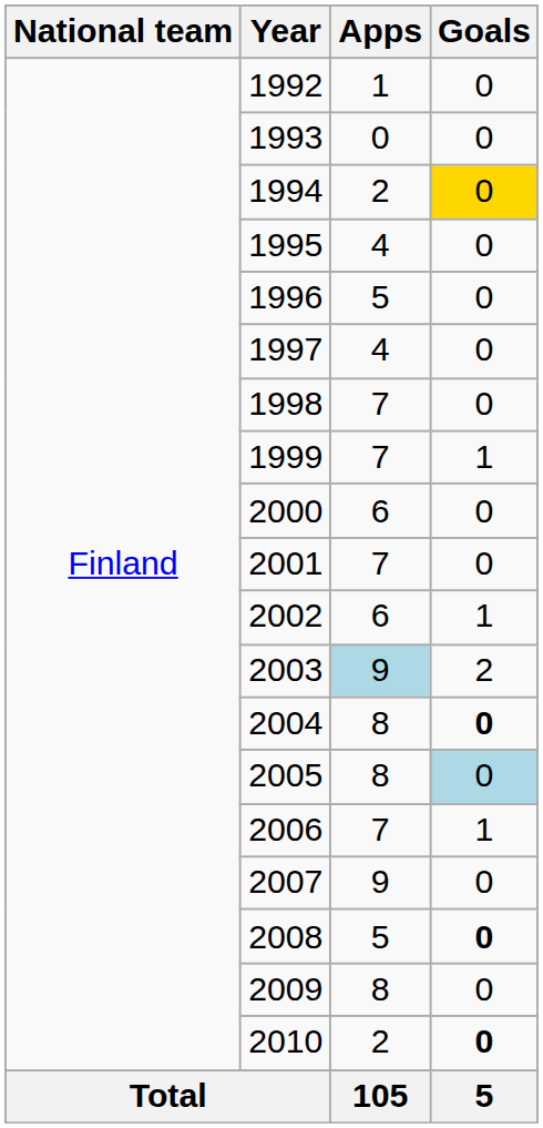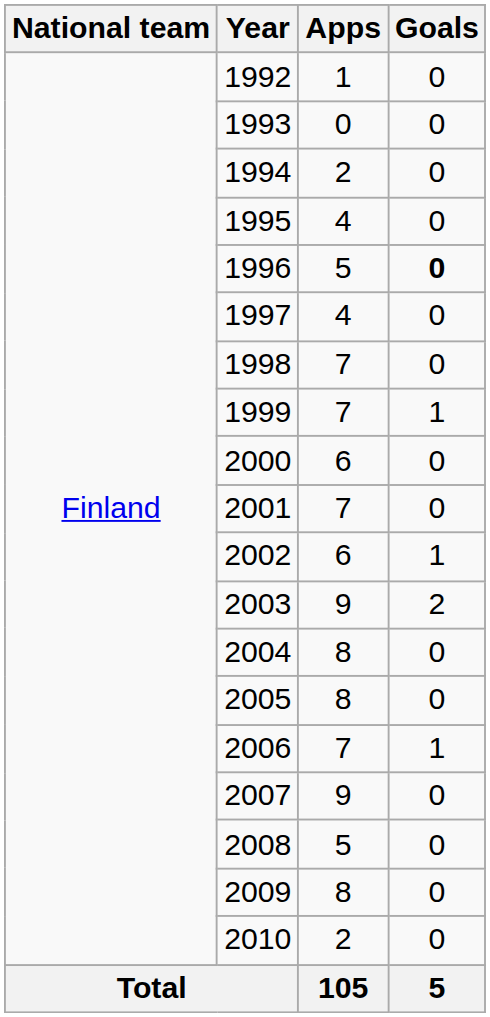 <table class="wikitable" style="text-align:center">
 <tr>
 <th>National team</th>
 <th>Year</th>
 <th>Apps</th>
 <th>Goals</th>
 </tr>
 <tr>
 <td rowspan="19"><a href='#'>Finland</a></td>
 <td>1992</td>
 <td>1</td>
 <td>0</td>
 </tr>
 <tr>
 <td>1993</td>
 <td>0</td>
 <td>0</td>
 </tr>
 <tr>
 <td>1994</td>
 <td>2</td>
-<td style="background: gold;">0</td>
+<td>0</td>
 </tr>
 <tr>
 <td>1995</td>
 <td>4</td>
 <td>0</td>
 </tr>
 <tr>
 <td>1996</td>
 <td>5</td>
-<td>0</td>
+<td><strong>0</strong></td>
 </tr>
 <tr>
 <td>1997</td>
 <td>4</td>
 <td>0</td>
 </tr>
 <tr>
 <td>1998</td>
 <td>7</td>
 <td>0</td>
 </tr>
 <tr>
 <td>1999</td>
 <td>7</td>
 <td>1</td>
 </tr>
 <tr>
 <td>2000</td>
 <td>6</td>
 <td>0</td>
 </tr>
 <tr>
 <td>2001</td>
 <td>7</td>
 <td>0</td>
 </tr>
 <tr>
 <td>2002</td>
 <td>6</td>
 <td>1</td>
 </tr>
 <tr>
 <td>2003</td>
-<td style="background: lightblue;">9</td>
+<td>9</td>
 <td>2</td>
 </tr>
 <tr>
 <td>2004</td>
 <td>8</td>
-<td><strong>0</strong></td>
+<td>0</td>
 </tr>
 <tr>
 <td>2005</td>
 <td>8</td>
-<td style="background: lightblue;">0</td>
+<td>0</td>
 </tr>
 <tr>
 <td>2006</td>
 <td>7</td>
 <td>1</td>
 </tr>
 <tr>
 <td>2007</td>
 <td>9</td>
 <td>0</td>
 </tr>
 <tr>
 <td>2008</td>
 <td>5</td>
-<td><strong>0</strong></td>
+<td>0</td>
 </tr>
 <tr>
 <td>2009</td>
 <td>8</td>
 <td>0</td>
 </tr>
 <tr>
 <td>2010</td>
 <td>2</td>
-<td><strong>0</strong></td>
+<td>0</td>
 </tr>
 <tr>
 <th colspan="2">Total</th>
 <th>105</th>
 <th>5</th>
 </tr>
 </table>
